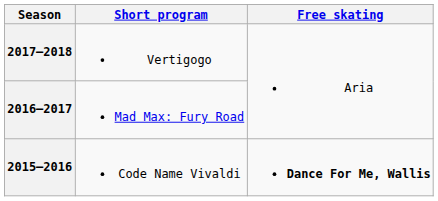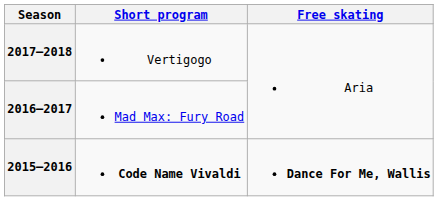 <table class=wikitable style=text-align:center>
 <tr>
 <th>Season</th>
 <th><a href='#'>Short program</a></th>
 <th><a href='#'>Free skating</a></th>
 </tr>
 <tr>
 <th>2017–2018 <br> </th>
 <td><br><ul><li>Vertigogo <br></li></ul></td>
 <td rowspan=2><br><ul><li>Aria <br></li></ul></td>
 </tr>
 <tr>
 <th>2016–2017 <br> </th>
 <td><br><ul><li><a href='#'>Mad Max: Fury Road</a> <br></li></ul></td>
 </tr>
 <tr>
 <th>2015–2016 <br> </th>
-<td><br><ul><li>Code Name Vivaldi <br></li></ul></td>
+<td><strong><br><ul><li>Code Name Vivaldi <br></li></ul></strong></td>
 <td><strong><br><ul><li>Dance For Me, Wallis <br></li></ul></strong></td>
 </tr>
 </table>
